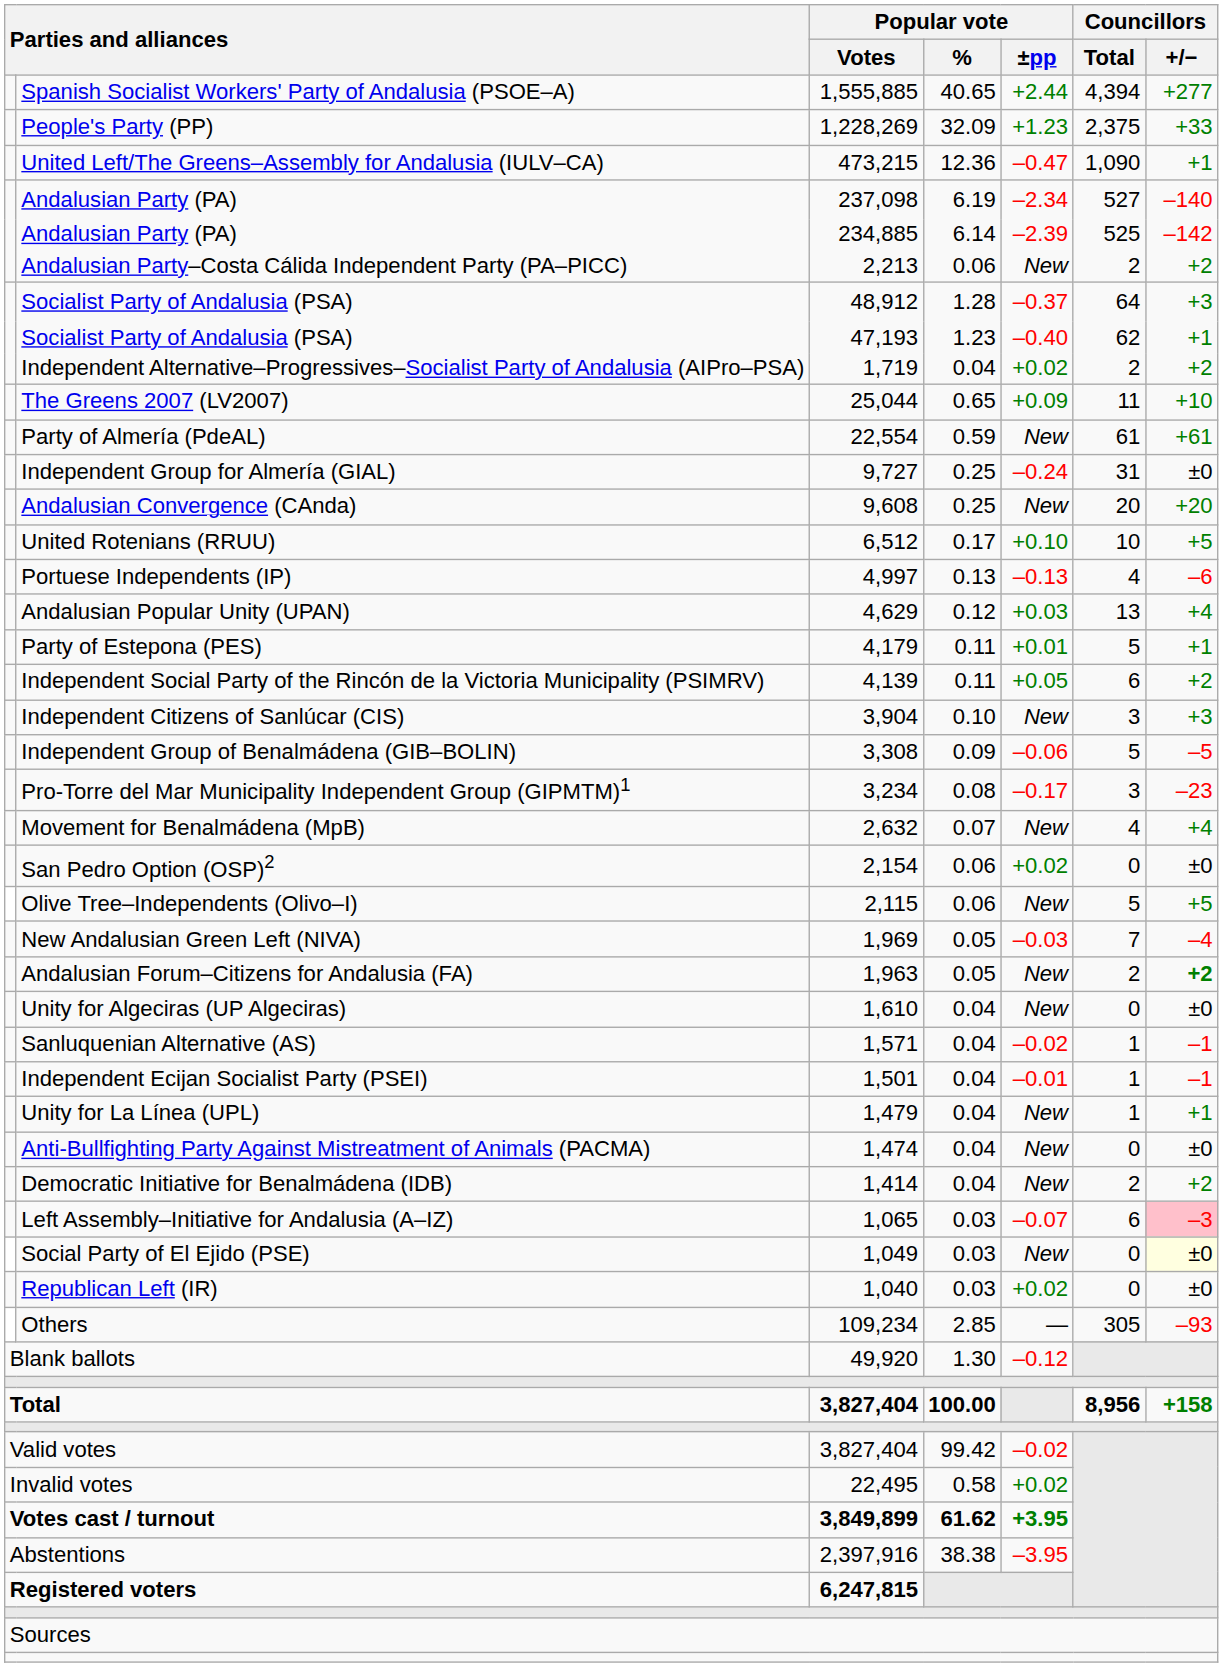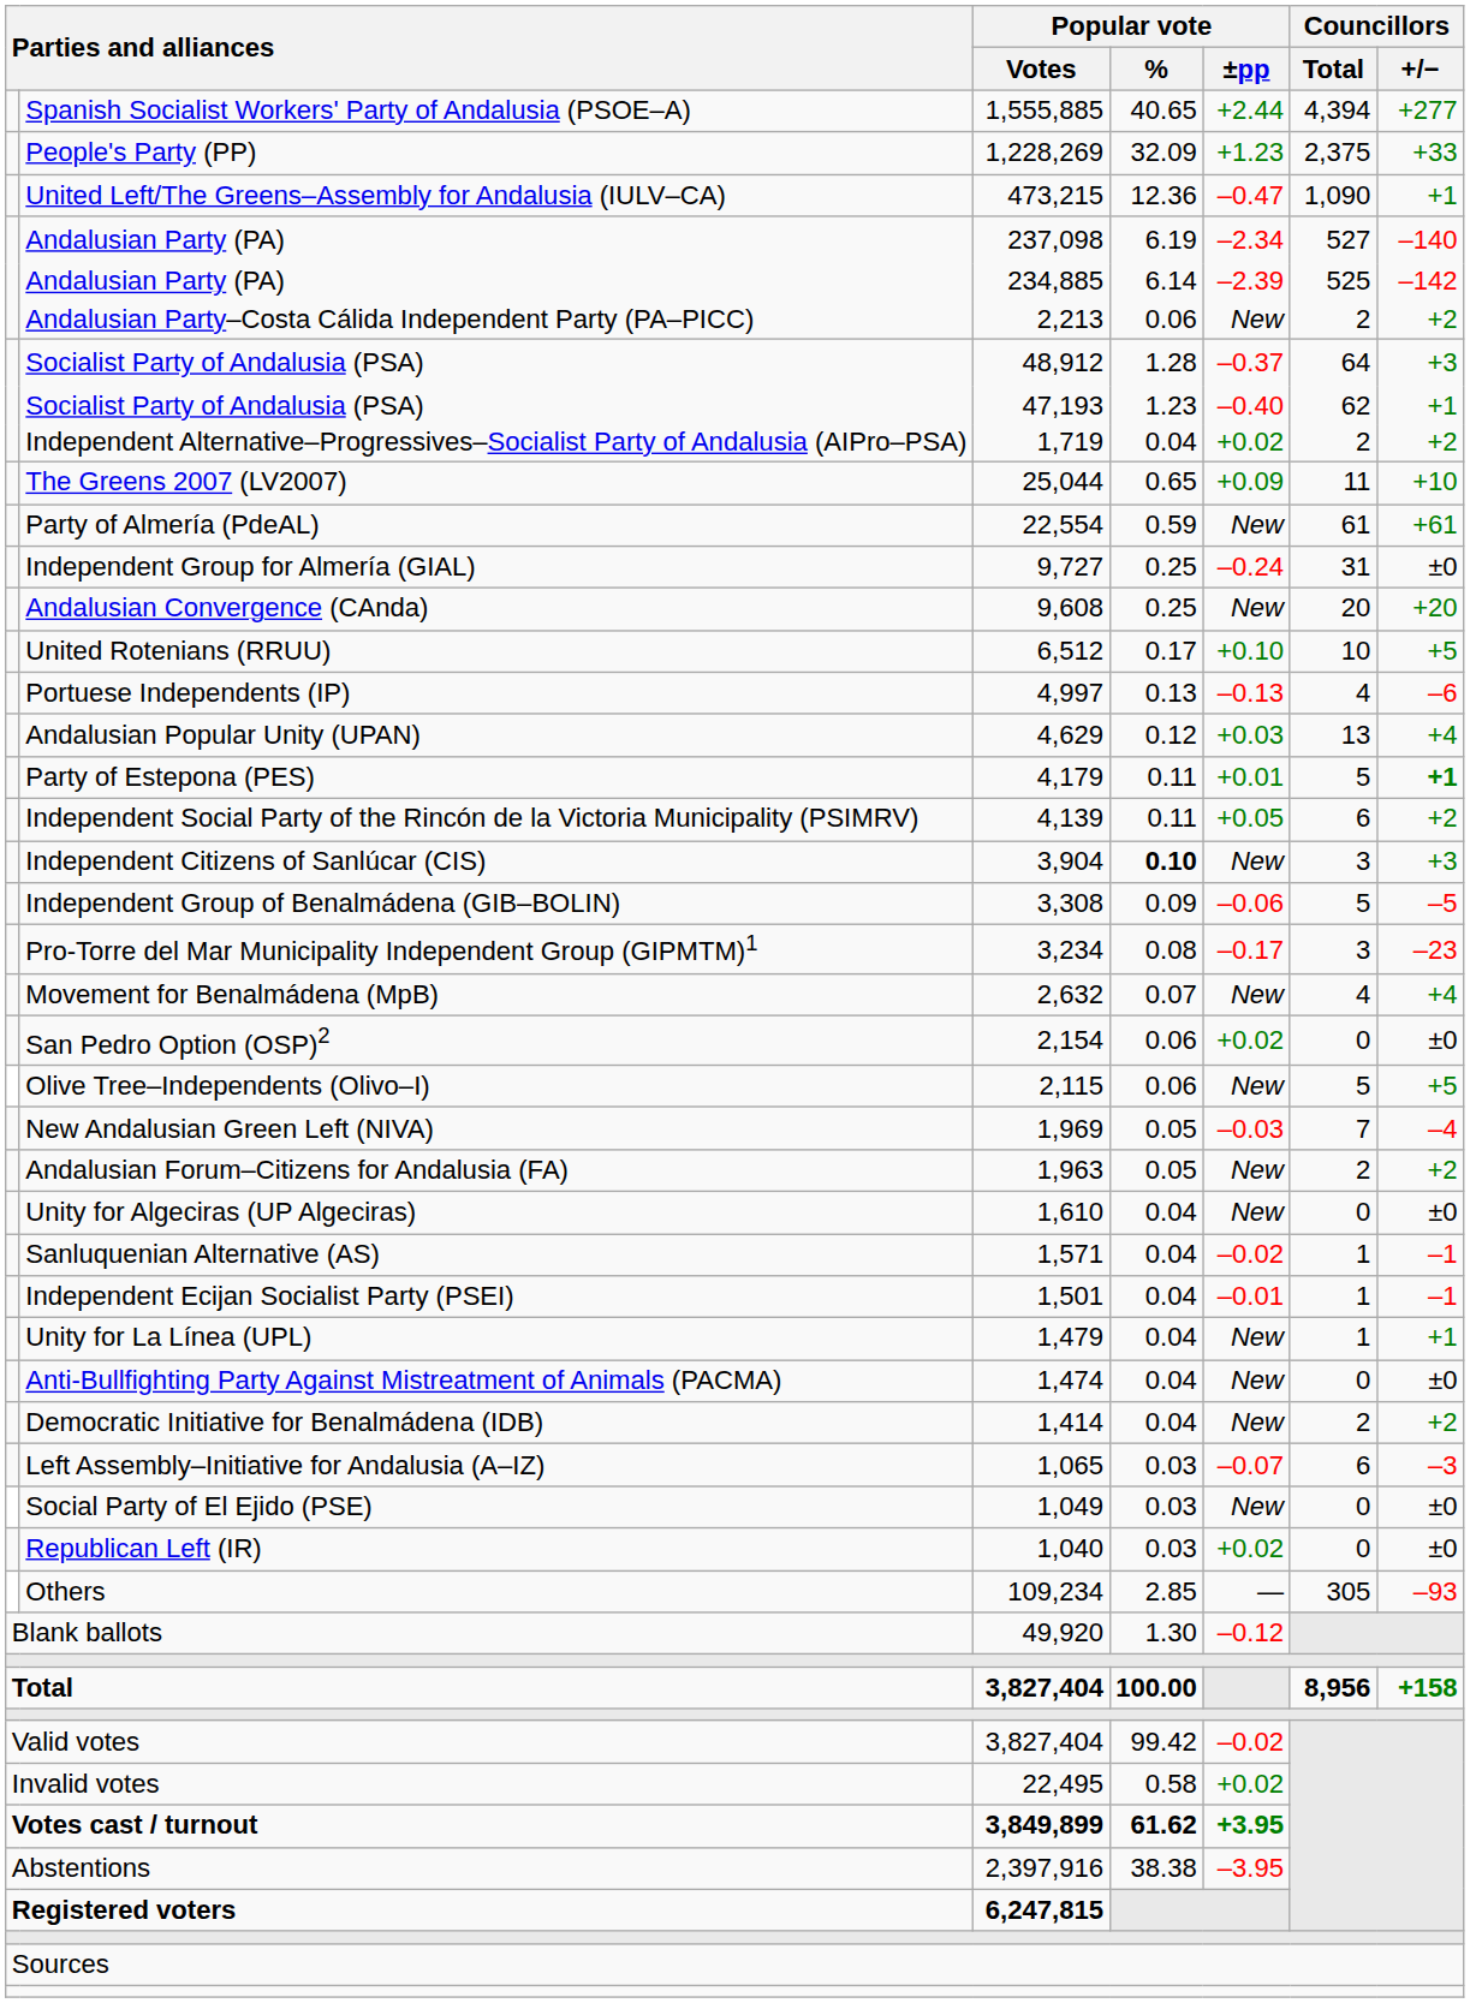 <table class="wikitable" style="text-align:right;">
 <tr>
 <th style="text-align:left;" rowspan="2" colspan="2" width="525">Parties and alliances</th>
 <th colspan="3">Popular vote</th>
 <th colspan="2">Councillors</th>
 </tr>
 <tr>
 <th width="75">Votes</th>
 <th width="45">%</th>
 <th width="45">±<a href='#'>pp</a></th>
 <th width="45">Total</th>
 <th width="45">+/−</th>
 </tr>
 <tr>
 <td width="1" style="color:inherit;background:"></td>
 <td align="left"><a href='#'>Spanish Socialist Workers' Party of Andalusia</a> (PSOE–A)</td>
 <td>1,555,885</td>
 <td>40.65</td>
 <td style="color:green;">+2.44</td>
 <td>4,394</td>
 <td style="color:green;">+277</td>
 </tr>
 <tr>
 <td style="color:inherit;background:"></td>
 <td align="left"><a href='#'>People's Party</a> (PP)</td>
 <td>1,228,269</td>
 <td>32.09</td>
 <td style="color:green;">+1.23</td>
 <td>2,375</td>
 <td style="color:green;">+33</td>
 </tr>
 <tr>
 <td style="color:inherit;background:"></td>
 <td align="left"><a href='#'>United Left/The Greens–Assembly for Andalusia</a> (IULV–CA)</td>
 <td>473,215</td>
 <td>12.36</td>
 <td style="color:red;">–0.47</td>
 <td>1,090</td>
 <td style="color:green;">+1</td>
 </tr>
 <tr style="line-height:22px;">
 <td rowspan="3" style="color:inherit;background:"></td>
 <td align="left"><a href='#'>Andalusian Party</a> (PA)</td>
 <td>237,098</td>
 <td>6.19</td>
 <td style="color:red;">–2.34</td>
 <td>527</td>
 <td style="color:red;">–140</td>
 </tr>
 <tr style="border-bottom-style:hidden; border-top-style:hidden; line-height:16px;">
 <td align="left"><span><a href='#'>Andalusian Party</a> (PA)</span></td>
 <td>234,885</td>
 <td>6.14</td>
 <td style="color:red;">–2.39</td>
 <td>525</td>
 <td style="color:red;">–142</td>
 </tr>
 <tr style="line-height:16px;">
 <td align="left"><span><a href='#'>Andalusian Party</a>–Costa Cálida Independent Party (PA–PICC)</span></td>
 <td>2,213</td>
 <td>0.06</td>
 <td><em>New</em></td>
 <td>2</td>
 <td style="color:green;">+2</td>
 </tr>
 <tr style="line-height:22px;">
 <td rowspan="3" style="color:inherit;background:"></td>
 <td align="left"><a href='#'>Socialist Party of Andalusia</a> (PSA)</td>
 <td>48,912</td>
 <td>1.28</td>
 <td style="color:red;">–0.37</td>
 <td>64</td>
 <td style="color:green;">+3</td>
 </tr>
 <tr style="border-bottom-style:hidden; border-top-style:hidden; line-height:16px;">
 <td align="left"><span><a href='#'>Socialist Party of Andalusia</a> (PSA)</span></td>
 <td>47,193</td>
 <td>1.23</td>
 <td style="color:red;">–0.40</td>
 <td>62</td>
 <td style="color:green;">+1</td>
 </tr>
 <tr style="line-height:16px;">
 <td align="left"><span>Independent Alternative–Progressives–<a href='#'>Socialist Party of Andalusia</a> (AIPro–PSA)</span></td>
 <td>1,719</td>
 <td>0.04</td>
 <td style="color:green;">+0.02</td>
 <td>2</td>
 <td style="color:green;">+2</td>
 </tr>
 <tr>
 <td style="color:inherit;background:"></td>
 <td align="left"><a href='#'>The Greens 2007</a> (LV2007)</td>
 <td>25,044</td>
 <td>0.65</td>
 <td style="color:green;">+0.09</td>
 <td>11</td>
 <td style="color:green;">+10</td>
 </tr>
 <tr>
 <td style="color:inherit;background:"></td>
 <td align="left">Party of Almería (PdeAL)</td>
 <td>22,554</td>
 <td>0.59</td>
 <td><em>New</em></td>
 <td>61</td>
 <td style="color:green;">+61</td>
 </tr>
 <tr>
 <td style="color:inherit;background:"></td>
 <td align="left">Independent Group for Almería (GIAL)</td>
 <td>9,727</td>
 <td>0.25</td>
 <td style="color:red;">–0.24</td>
 <td>31</td>
 <td>±0</td>
 </tr>
 <tr>
 <td style="color:inherit;background:"></td>
 <td align="left"><a href='#'>Andalusian Convergence</a> (CAnda)</td>
 <td>9,608</td>
 <td>0.25</td>
 <td><em>New</em></td>
 <td>20</td>
 <td style="color:green;">+20</td>
 </tr>
 <tr>
 <td style="color:inherit;background:"></td>
 <td align="left">United Rotenians (RRUU)</td>
 <td>6,512</td>
 <td>0.17</td>
 <td style="color:green;">+0.10</td>
 <td>10</td>
 <td style="color:green;">+5</td>
 </tr>
 <tr>
 <td style="color:inherit;background:"></td>
 <td align="left">Portuese Independents (IP)</td>
 <td>4,997</td>
 <td>0.13</td>
 <td style="color:red;">–0.13</td>
 <td>4</td>
 <td style="color:red;">–6</td>
 </tr>
 <tr>
 <td style="color:inherit;background:"></td>
 <td align="left">Andalusian Popular Unity (UPAN)</td>
 <td>4,629</td>
 <td>0.12</td>
 <td style="color:green;">+0.03</td>
 <td>13</td>
 <td style="color:green;">+4</td>
 </tr>
 <tr>
 <td style="color:inherit;background:"></td>
 <td align="left">Party of Estepona (PES)</td>
 <td>4,179</td>
 <td>0.11</td>
 <td style="color:green;">+0.01</td>
 <td>5</td>
-<td style="color:green;">+1</td>
+<td style="color:green;"><strong>+1</strong></td>
 </tr>
 <tr>
 <td style="color:inherit;background:"></td>
 <td align="left">Independent Social Party of the Rincón de la Victoria Municipality (PSIMRV)</td>
 <td>4,139</td>
 <td>0.11</td>
 <td style="color:green;">+0.05</td>
 <td>6</td>
 <td style="color:green;">+2</td>
 </tr>
 <tr>
 <td style="color:inherit;background:"></td>
 <td align="left">Independent Citizens of Sanlúcar (CIS)</td>
 <td>3,904</td>
-<td>0.10</td>
+<td><strong>0.10</strong></td>
 <td><em>New</em></td>
 <td>3</td>
 <td style="color:green;">+3</td>
 </tr>
 <tr>
 <td style="color:inherit;background:"></td>
 <td align="left">Independent Group of Benalmádena (GIB–BOLIN)</td>
 <td>3,308</td>
 <td>0.09</td>
 <td style="color:red;">–0.06</td>
 <td>5</td>
 <td style="color:red;">–5</td>
 </tr>
 <tr>
 <td style="color:inherit;background:"></td>
 <td align="left">Pro-Torre del Mar Municipality Independent Group (GIPMTM)<sup>1</sup></td>
 <td>3,234</td>
 <td>0.08</td>
 <td style="color:red;">–0.17</td>
 <td>3</td>
 <td style="color:red;">–23</td>
 </tr>
 <tr>
 <td style="color:inherit;background:"></td>
 <td align="left">Movement for Benalmádena (MpB)</td>
 <td>2,632</td>
 <td>0.07</td>
 <td><em>New</em></td>
 <td>4</td>
 <td style="color:green;">+4</td>
 </tr>
 <tr>
 <td style="color:inherit;background:"></td>
 <td align="left">San Pedro Option (OSP)<sup>2</sup></td>
 <td>2,154</td>
 <td>0.06</td>
 <td style="color:green;">+0.02</td>
 <td>0</td>
 <td>±0</td>
 </tr>
 <tr>
 <td bgcolor="white"></td>
 <td align="left">Olive Tree–Independents (Olivo–I)</td>
 <td>2,115</td>
 <td>0.06</td>
 <td><em>New</em></td>
 <td>5</td>
 <td style="color:green;">+5</td>
 </tr>
 <tr>
 <td style="color:inherit;background:"></td>
 <td align="left">New Andalusian Green Left (NIVA)</td>
 <td>1,969</td>
 <td>0.05</td>
 <td style="color:red;">–0.03</td>
 <td>7</td>
 <td style="color:red;">–4</td>
 </tr>
 <tr>
 <td style="color:inherit;background:"></td>
 <td align="left">Andalusian Forum–Citizens for Andalusia (FA)</td>
 <td>1,963</td>
 <td>0.05</td>
 <td><em>New</em></td>
 <td>2</td>
-<td style="color:green;"><strong>+2</strong></td>
+<td style="color:green;">+2</td>
 </tr>
 <tr>
 <td style="color:inherit;background:"></td>
 <td align="left">Unity for Algeciras (UP Algeciras)</td>
 <td>1,610</td>
 <td>0.04</td>
 <td><em>New</em></td>
 <td>0</td>
 <td>±0</td>
 </tr>
 <tr>
 <td style="color:inherit;background:"></td>
 <td align="left">Sanluquenian Alternative (AS)</td>
 <td>1,571</td>
 <td>0.04</td>
 <td style="color:red;">–0.02</td>
 <td>1</td>
 <td style="color:red;">–1</td>
 </tr>
 <tr>
 <td style="color:inherit;background:"></td>
 <td align="left">Independent Ecijan Socialist Party (PSEI)</td>
 <td>1,501</td>
 <td>0.04</td>
 <td style="color:red;">–0.01</td>
 <td>1</td>
 <td style="color:red;">–1</td>
 </tr>
 <tr>
 <td style="color:inherit;background:"></td>
 <td align="left">Unity for La Línea (UPL)</td>
 <td>1,479</td>
 <td>0.04</td>
 <td><em>New</em></td>
 <td>1</td>
 <td style="color:green;">+1</td>
 </tr>
 <tr>
 <td style="color:inherit;background:"></td>
 <td align="left"><a href='#'>Anti-Bullfighting Party Against Mistreatment of Animals</a> (PACMA)</td>
 <td>1,474</td>
 <td>0.04</td>
 <td><em>New</em></td>
 <td>0</td>
 <td>±0</td>
 </tr>
 <tr>
 <td style="color:inherit;background:"></td>
 <td align="left">Democratic Initiative for Benalmádena (IDB)</td>
 <td>1,414</td>
 <td>0.04</td>
 <td><em>New</em></td>
 <td>2</td>
 <td style="color:green;">+2</td>
 </tr>
 <tr>
 <td style="color:inherit;background:"></td>
 <td align="left">Left Assembly–Initiative for Andalusia (A–IZ)</td>
 <td>1,065</td>
 <td>0.03</td>
 <td style="color:red;">–0.07</td>
 <td>6</td>
-<td style="background: pink; color:red;">–3</td>
+<td style="color:red;">–3</td>
 </tr>
 <tr>
 <td bgcolor="white"></td>
 <td align="left">Social Party of El Ejido (PSE)</td>
 <td>1,049</td>
 <td>0.03</td>
 <td><em>New</em></td>
 <td>0</td>
-<td style="background: lightyellow;">±0</td>
+<td>±0</td>
 </tr>
 <tr>
 <td style="color:inherit;background:"></td>
 <td align="left"><a href='#'>Republican Left</a> (IR)</td>
 <td>1,040</td>
 <td>0.03</td>
 <td style="color:green;">+0.02</td>
 <td>0</td>
 <td>±0</td>
 </tr>
 <tr>
 <td bgcolor="white"></td>
 <td align="left">Others</td>
 <td>109,234</td>
 <td>2.85</td>
 <td>—</td>
 <td>305</td>
 <td style="color:red;">–93</td>
 </tr>
 <tr>
 <td align="left" colspan="2">Blank ballots</td>
 <td>49,920</td>
 <td>1.30</td>
 <td style="color:red;">–0.12</td>
 <td bgcolor="#E9E9E9" colspan="2"></td>
 </tr>
 <tr>
 <td colspan="7" bgcolor="#E9E9E9"></td>
 </tr>
 <tr style="font-weight:bold;">
 <td align="left" colspan="2">Total</td>
 <td>3,827,404</td>
 <td>100.00</td>
 <td bgcolor="#E9E9E9"></td>
 <td>8,956</td>
 <td style="color:green;">+158</td>
 </tr>
 <tr>
 <td colspan="7" bgcolor="#E9E9E9"></td>
 </tr>
 <tr>
 <td align="left" colspan="2">Valid votes</td>
 <td>3,827,404</td>
 <td>99.42</td>
 <td style="color:red;">–0.02</td>
 <td bgcolor="#E9E9E9" colspan="2" rowspan="5"></td>
 </tr>
 <tr>
 <td align="left" colspan="2">Invalid votes</td>
 <td>22,495</td>
 <td>0.58</td>
 <td style="color:green;">+0.02</td>
 </tr>
 <tr style="font-weight:bold;">
 <td align="left" colspan="2">Votes cast / turnout</td>
 <td>3,849,899</td>
 <td>61.62</td>
 <td style="color:green;">+3.95</td>
 </tr>
 <tr>
 <td align="left" colspan="2">Abstentions</td>
 <td>2,397,916</td>
 <td>38.38</td>
 <td style="color:red;">–3.95</td>
 </tr>
 <tr style="font-weight:bold;">
 <td align="left" colspan="2">Registered voters</td>
 <td>6,247,815</td>
 <td bgcolor="#E9E9E9" colspan="2"></td>
 </tr>
 <tr>
 <td colspan="7" bgcolor="#E9E9E9"></td>
 </tr>
 <tr>
 <td align="left" colspan="7">Sources</td>
 </tr>
 <tr>
 <td colspan="7" style="text-align:left; max-width:790px;"></td>
 </tr>
 </table>
